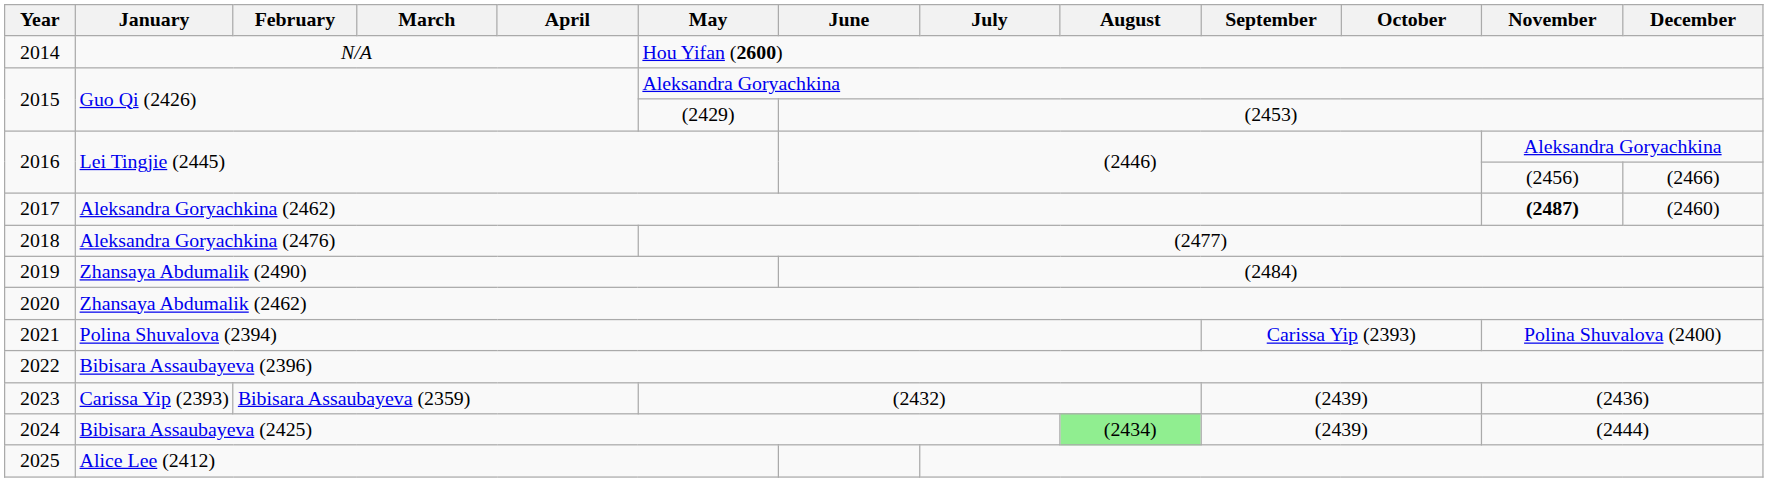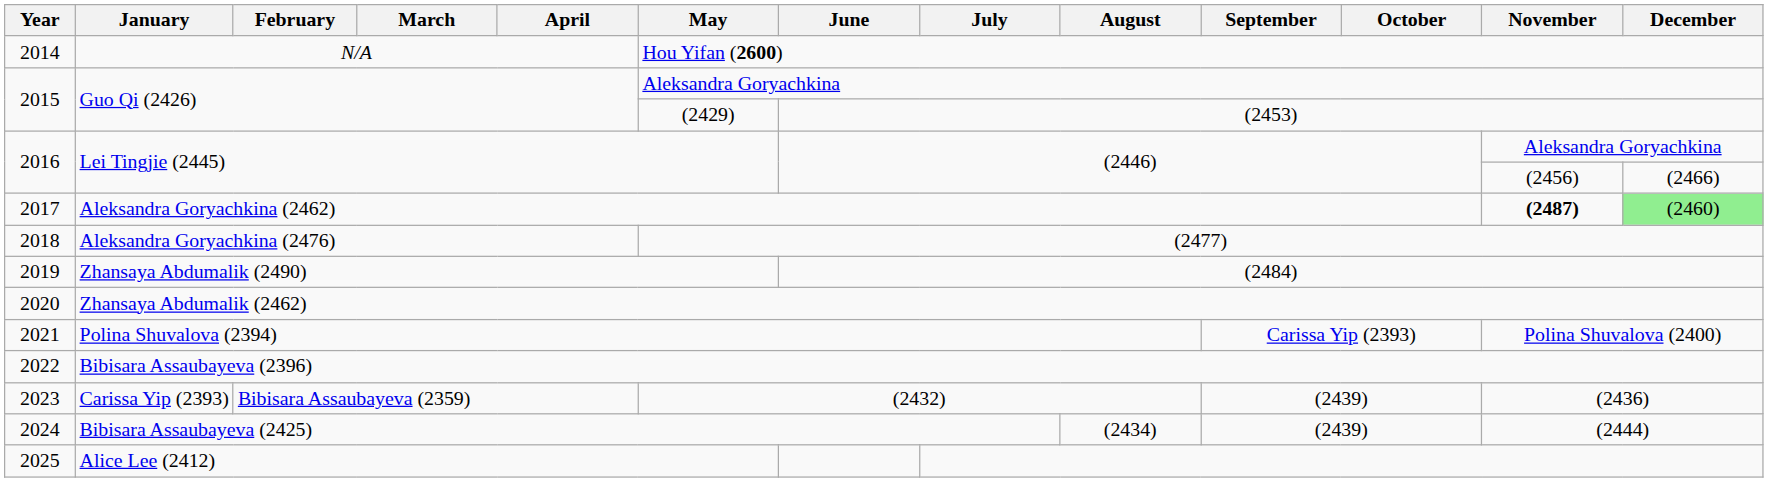 <table class="wikitable center" style="text-align:center">
 <tr>
 <th>Year</th>
 <th style="width:9%">January</th>
 <th style="width:7%">February</th>
 <th style="width:8%">March</th>
 <th style="width:8%">April</th>
 <th style="width:8%">May</th>
 <th style="width:8%">June</th>
 <th style="width:8%">July</th>
 <th style="width:8%">August</th>
 <th style="width:8%">September</th>
 <th style="width:8%">October</th>
 <th style="width:8%">November</th>
 <th style="width:8%">December</th>
 </tr>
 <tr>
 <td>2014</td>
 <td colspan=4><em>N/A</em></td>
 <td colspan=8 align=left> <a href='#'>Hou Yifan</a> (<strong>2600</strong>)</td>
 </tr>
 <tr>
 <td rowspan=2>2015</td>
 <td colspan=4 rowspan=2 align=left> <a href='#'>Guo Qi</a> (2426)</td>
 <td colspan=8 align=left> <a href='#'>Aleksandra Goryachkina</a></td>
 </tr>
 <tr>
 <td>(2429)</td>
 <td colspan=7>(2453)</td>
 </tr>
 <tr>
 <td rowspan=2>2016</td>
 <td colspan=5 rowspan=2 align=left> <a href='#'>Lei Tingjie</a> (2445)</td>
 <td colspan=5 rowspan=2>(2446)</td>
 <td colspan=2> <a href='#'>Aleksandra Goryachkina</a></td>
 </tr>
 <tr>
 <td>(2456)</td>
 <td>(2466)</td>
 </tr>
 <tr>
 <td>2017</td>
 <td colspan=10 align=left> <a href='#'>Aleksandra Goryachkina</a> (2462)</td>
 <td><strong>(2487)</strong></td>
-<td>(2460)</td>
+<td style="background: lightgreen;">(2460)</td>
 </tr>
 <tr>
 <td>2018</td>
 <td colspan=4 align=left> <a href='#'>Aleksandra Goryachkina</a> (2476)</td>
 <td colspan=8>(2477)</td>
 </tr>
 <tr>
 <td>2019</td>
 <td colspan=5 align=left> <a href='#'>Zhansaya Abdumalik</a> (2490)</td>
 <td colspan=7>(2484)</td>
 </tr>
 <tr>
 <td>2020</td>
 <td colspan=12 align=left> <a href='#'>Zhansaya Abdumalik</a> (2462)</td>
 </tr>
 <tr>
 <td>2021</td>
 <td colspan=8 align=left> <a href='#'>Polina Shuvalova</a> (2394)</td>
 <td colspan=2> <a href='#'>Carissa Yip</a> (2393)</td>
 <td colspan=2> <a href='#'>Polina Shuvalova</a> (2400)</td>
 </tr>
 <tr>
 <td>2022</td>
 <td colspan=12 align=left> <a href='#'>Bibisara Assaubayeva</a> (2396)</td>
 </tr>
 <tr>
 <td>2023</td>
 <td align=left> <a href='#'>Carissa Yip</a> (2393)</td>
 <td colspan=3 align=left> <a href='#'>Bibisara Assaubayeva</a> (2359)</td>
 <td colspan=4>(2432)</td>
 <td colspan=2>(2439)</td>
 <td colspan=2>(2436)</td>
 </tr>
 <tr>
 <td>2024</td>
 <td colspan=7 align=left> <a href='#'>Bibisara Assaubayeva</a> (2425)</td>
-<td style="background: lightgreen;">(2434)</td>
+<td>(2434)</td>
 <td colspan=2>(2439)</td>
 <td colspan=2>(2444)</td>
 </tr>
 <tr>
 <td>2025</td>
 <td colspan=5 align=left> <a href='#'>Alice Lee</a> (2412)</td>
 <td></td>
 </tr>
 </table>
